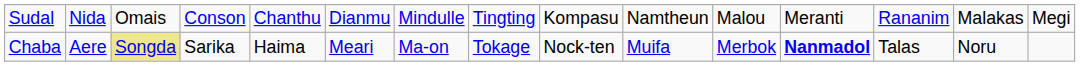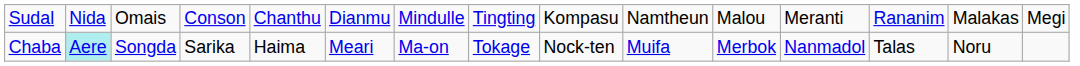 <table class="wikitable">
 <tr>
 <td><a href='#'>Sudal</a></td>
 <td><a href='#'>Nida</a></td>
 <td>Omais</td>
 <td><a href='#'>Conson</a></td>
 <td><a href='#'>Chanthu</a></td>
 <td><a href='#'>Dianmu</a></td>
 <td><a href='#'>Mindulle</a></td>
 <td><a href='#'>Tingting</a></td>
 <td>Kompasu</td>
 <td>Namtheun</td>
 <td>Malou</td>
 <td>Meranti</td>
 <td><a href='#'>Rananim</a></td>
 <td>Malakas</td>
 <td>Megi</td>
 </tr>
 <tr>
 <td><a href='#'>Chaba</a></td>
-<td><a href='#'>Aere</a></td>
-<td style="background: khaki;"><a href='#'>Songda</a></td>
+<td style="background: paleturquoise;"><a href='#'>Aere</a></td>
+<td><a href='#'>Songda</a></td>
 <td>Sarika</td>
 <td>Haima</td>
 <td><a href='#'>Meari</a></td>
 <td><a href='#'>Ma-on</a></td>
 <td><a href='#'>Tokage</a></td>
 <td>Nock-ten</td>
 <td><a href='#'>Muifa</a></td>
 <td><a href='#'>Merbok</a></td>
-<td><strong><a href='#'>Nanmadol</a></strong></td>
+<td><a href='#'>Nanmadol</a></td>
 <td>Talas</td>
 <td>Noru</td>
 </tr>
 </table>
